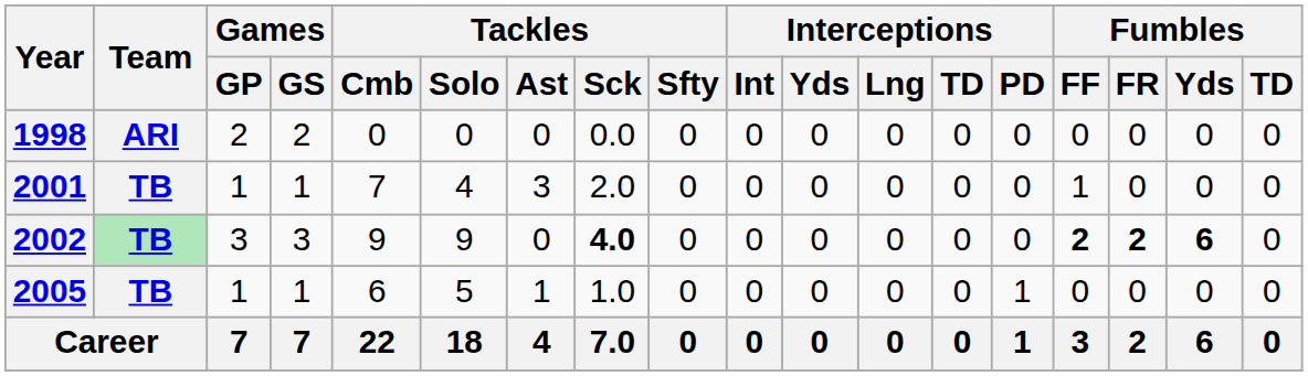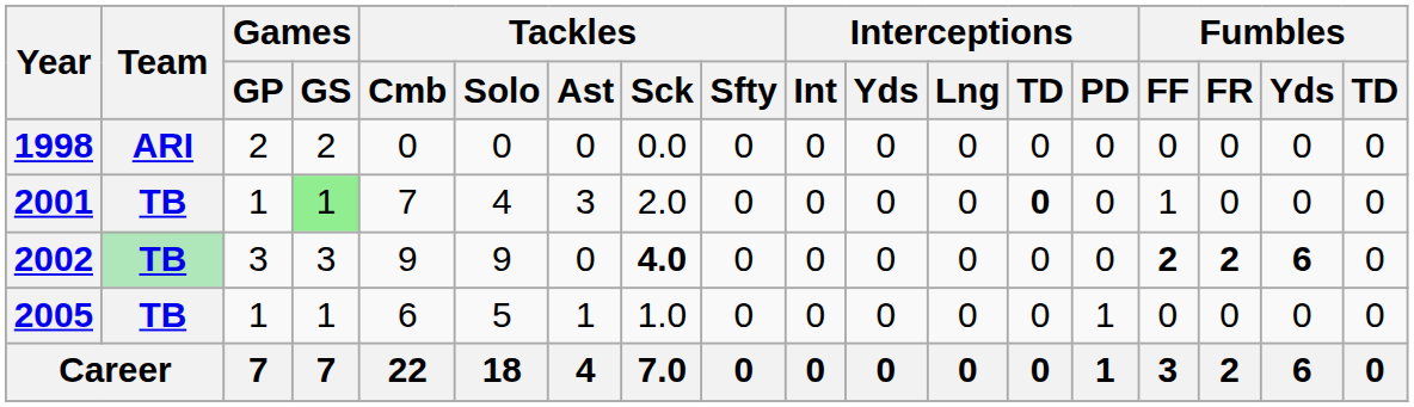 <table class="wikitable" style="text-align:center;">
 <tr>
 <th rowspan="2">Year</th>
 <th rowspan="2">Team</th>
 <th colspan="2">Games</th>
 <th colspan="5">Tackles</th>
 <th colspan="5">Interceptions</th>
 <th colspan="5">Fumbles</th>
 </tr>
 <tr>
 <th>GP</th>
 <th>GS</th>
 <th>Cmb</th>
 <th>Solo</th>
 <th>Ast</th>
 <th>Sck</th>
 <th>Sfty</th>
 <th>Int</th>
 <th>Yds</th>
 <th>Lng</th>
 <th>TD</th>
 <th>PD</th>
 <th>FF</th>
 <th>FR</th>
 <th>Yds</th>
 <th>TD</th>
 </tr>
 <tr>
 <th><a href='#'>1998</a></th>
 <th><a href='#'>ARI</a></th>
 <td>2</td>
 <td>2</td>
 <td>0</td>
 <td>0</td>
 <td>0</td>
 <td>0.0</td>
 <td>0</td>
 <td>0</td>
 <td>0</td>
 <td>0</td>
 <td>0</td>
 <td>0</td>
 <td>0</td>
 <td>0</td>
 <td>0</td>
 <td>0</td>
 </tr>
 <tr>
 <th><a href='#'>2001</a></th>
 <th><a href='#'>TB</a></th>
 <td>1</td>
-<td>1</td>
+<td style="background: lightgreen;">1</td>
 <td>7</td>
 <td>4</td>
 <td>3</td>
 <td>2.0</td>
 <td>0</td>
 <td>0</td>
 <td>0</td>
 <td>0</td>
-<td>0</td>
+<td><strong>0</strong></td>
 <td>0</td>
 <td>1</td>
 <td>0</td>
 <td>0</td>
 <td>0</td>
 </tr>
 <tr>
 <th><a href='#'>2002</a></th>
 <th style="background:#afe6ba; width:3em;"><a href='#'>TB</a></th>
 <td>3</td>
 <td>3</td>
 <td>9</td>
 <td>9</td>
 <td>0</td>
 <td><strong>4.0</strong></td>
 <td>0</td>
 <td>0</td>
 <td>0</td>
 <td>0</td>
 <td>0</td>
 <td>0</td>
 <td><strong>2</strong></td>
 <td><strong>2</strong></td>
 <td><strong>6</strong></td>
 <td>0</td>
 </tr>
 <tr>
 <th><a href='#'>2005</a></th>
 <th><a href='#'>TB</a></th>
 <td>1</td>
 <td>1</td>
 <td>6</td>
 <td>5</td>
 <td>1</td>
 <td>1.0</td>
 <td>0</td>
 <td>0</td>
 <td>0</td>
 <td>0</td>
 <td>0</td>
 <td>1</td>
 <td>0</td>
 <td>0</td>
 <td>0</td>
 <td>0</td>
 </tr>
 <tr>
 <th colspan="2">Career</th>
 <th>7</th>
 <th>7</th>
 <th>22</th>
 <th>18</th>
 <th>4</th>
 <th>7.0</th>
 <th>0</th>
 <th>0</th>
 <th>0</th>
 <th>0</th>
 <th>0</th>
 <th>1</th>
 <th>3</th>
 <th>2</th>
 <th>6</th>
 <th>0</th>
 </tr>
 </table>
